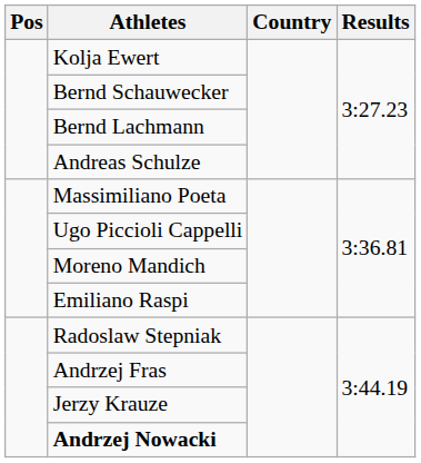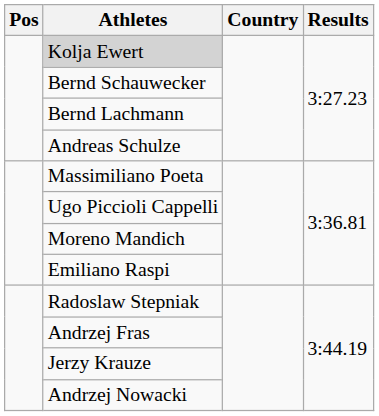 <table class="wikitable wikble">
 <tr>
 <th>Pos</th>
 <th>Athletes</th>
 <th>Country</th>
 <th>Results</th>
 </tr>
 <tr>
 <td rowspan="4"></td>
-<td>Kolja Ewert</td>
+<td style="background: lightgrey;">Kolja Ewert</td>
 <td rowspan="4"></td>
 <td rowspan="4">3:27.23</td>
 </tr>
 <tr>
 <td>Bernd Schauwecker</td>
 </tr>
 <tr>
 <td>Bernd Lachmann</td>
 </tr>
 <tr>
 <td>Andreas Schulze</td>
 </tr>
 <tr>
 <td rowspan="4"></td>
 <td>Massimiliano Poeta</td>
 <td rowspan="4"></td>
 <td rowspan="4">3:36.81</td>
 </tr>
 <tr>
 <td>Ugo Piccioli Cappelli</td>
 </tr>
 <tr>
 <td>Moreno Mandich</td>
 </tr>
 <tr>
 <td>Emiliano Raspi</td>
 </tr>
 <tr>
 <td rowspan="4"></td>
 <td>Radoslaw Stepniak</td>
 <td rowspan="4"></td>
 <td rowspan="4">3:44.19</td>
 </tr>
 <tr>
 <td>Andrzej Fras</td>
 </tr>
 <tr>
 <td>Jerzy Krauze</td>
 </tr>
 <tr>
-<td><strong>Andrzej Nowacki</strong></td>
+<td>Andrzej Nowacki</td>
 </tr>
 </table>
